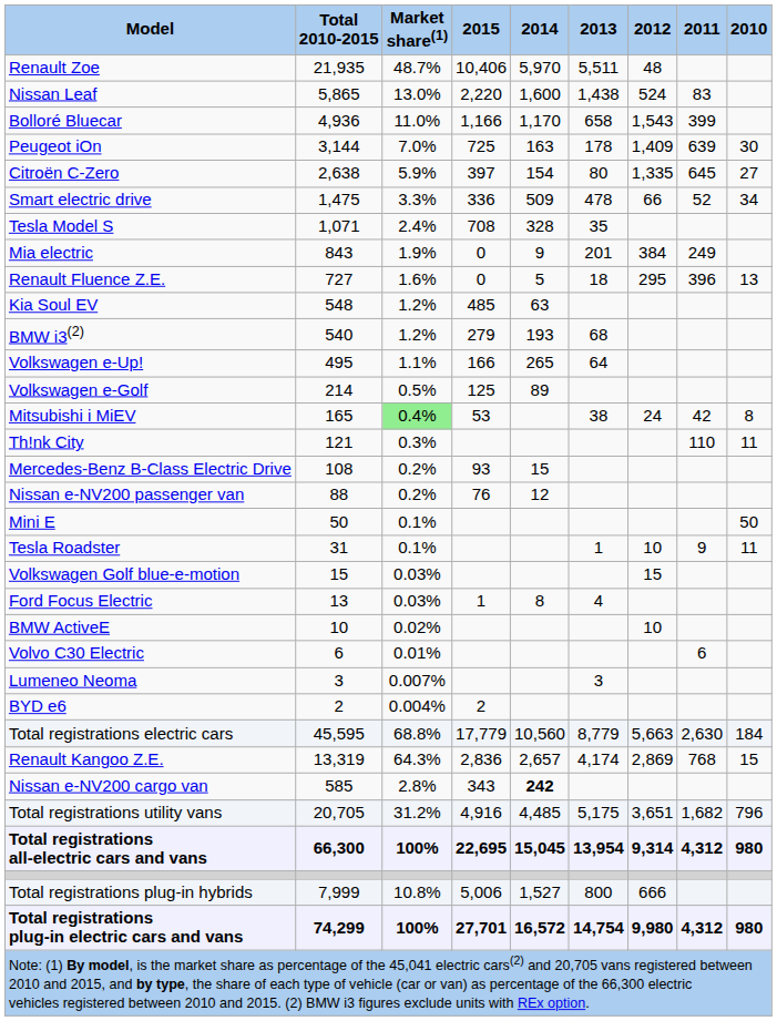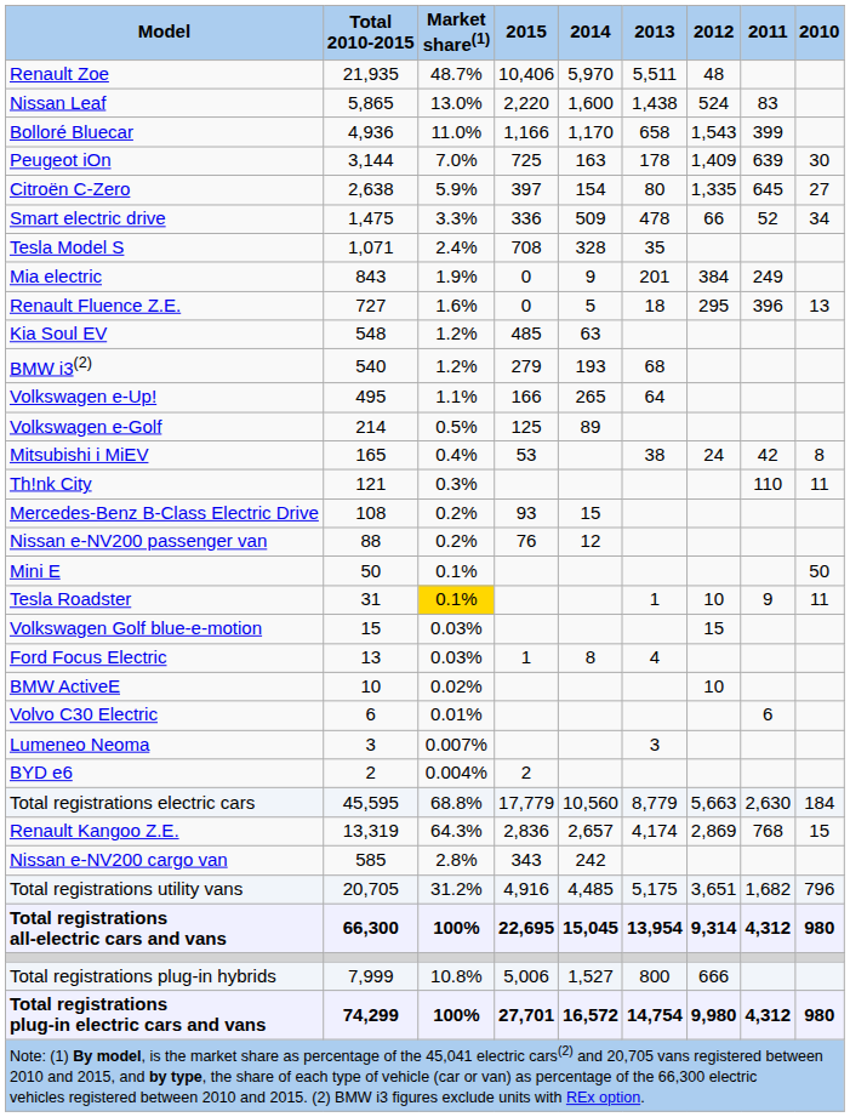 <table class="wikitable">
 <tr>
 <th style="background:#ABCDEF">Model</th>
 <th style="background:#ABCDEF">Total<br> 2010-2015</th>
 <th style="background:#ABCDEF">Market<br>share<sup>(1)</sup></th>
 <th style="background:#ABCDEF">2015</th>
 <th style="background:#ABCDEF">2014</th>
 <th style="background:#ABCDEF">2013</th>
 <th style="background:#ABCDEF">2012</th>
 <th style="background:#ABCDEF">2011</th>
 <th style="background:#ABCDEF">2010</th>
 </tr>
 <tr style="text-align:center;">
 <td align=left><a href='#'>Renault Zoe</a></td>
 <td>21,935</td>
 <td>48.7%</td>
 <td>10,406</td>
 <td>5,970</td>
 <td>5,511</td>
 <td>48</td>
 <td> </td>
 <td> </td>
 </tr>
 <tr style="text-align:center;">
 <td align=left><a href='#'>Nissan Leaf</a></td>
 <td>5,865</td>
 <td>13.0%</td>
 <td>2,220</td>
 <td>1,600</td>
 <td>1,438</td>
 <td>524</td>
 <td>83</td>
 <td> </td>
 </tr>
 <tr style="text-align:center;">
 <td align=left><a href='#'>Bolloré Bluecar</a></td>
 <td>4,936</td>
 <td>11.0%</td>
 <td>1,166</td>
 <td>1,170</td>
 <td>658</td>
 <td>1,543</td>
 <td>399</td>
 <td> </td>
 </tr>
 <tr style="text-align:center;">
 <td align=left><a href='#'>Peugeot iOn</a></td>
 <td>3,144</td>
 <td>7.0%</td>
 <td>725</td>
 <td>163</td>
 <td>178</td>
 <td>1,409</td>
 <td>639</td>
 <td>30</td>
 </tr>
 <tr style="text-align:center;">
 <td align=left><a href='#'>Citroën C-Zero</a></td>
 <td>2,638</td>
 <td>5.9%</td>
 <td>397</td>
 <td>154</td>
 <td>80</td>
 <td>1,335</td>
 <td>645</td>
 <td>27</td>
 </tr>
 <tr style="text-align:center;">
 <td align=left><a href='#'>Smart electric drive</a></td>
 <td>1,475</td>
 <td>3.3%</td>
 <td>336</td>
 <td>509</td>
 <td>478</td>
 <td>66</td>
 <td>52</td>
 <td>34</td>
 </tr>
 <tr style="text-align:center;">
 <td align=left><a href='#'>Tesla Model S</a></td>
 <td>1,071</td>
 <td>2.4%</td>
 <td>708</td>
 <td>328</td>
 <td>35</td>
 <td> </td>
 <td> </td>
 <td> </td>
 </tr>
 <tr style="text-align:center;">
 <td align=left><a href='#'>Mia electric</a></td>
 <td>843</td>
 <td>1.9%</td>
 <td>0</td>
 <td>9</td>
 <td>201</td>
 <td>384</td>
 <td>249</td>
 <td> </td>
 </tr>
 <tr style="text-align:center;">
 <td align=left><a href='#'>Renault Fluence Z.E.</a></td>
 <td>727</td>
 <td>1.6%</td>
 <td>0</td>
 <td>5</td>
 <td>18</td>
 <td>295</td>
 <td>396</td>
 <td>13</td>
 </tr>
 <tr style="text-align:center;">
 <td align=left><a href='#'>Kia Soul EV</a></td>
 <td>548</td>
 <td>1.2%</td>
 <td>485</td>
 <td>63</td>
 <td> </td>
 <td> </td>
 <td> </td>
 <td> </td>
 </tr>
 <tr style="text-align:center;">
 <td align=left><a href='#'>BMW i3</a><sup>(2)</sup></td>
 <td>540</td>
 <td>1.2%</td>
 <td>279</td>
 <td>193</td>
 <td>68</td>
 <td> </td>
 <td> </td>
 <td> </td>
 </tr>
 <tr style="text-align:center;">
 <td align=left><a href='#'>Volkswagen e-Up!</a></td>
 <td>495</td>
 <td>1.1%</td>
 <td>166</td>
 <td>265</td>
 <td>64</td>
 <td> </td>
 <td> </td>
 <td> </td>
 </tr>
 <tr style="text-align:center;">
 <td align=left><a href='#'>Volkswagen e-Golf</a></td>
 <td>214</td>
 <td>0.5%</td>
 <td>125</td>
 <td>89</td>
 <td> </td>
 <td> </td>
 <td> </td>
 <td> </td>
 </tr>
 <tr style="text-align:center;">
 <td align=left><a href='#'>Mitsubishi i MiEV</a></td>
 <td>165</td>
-<td style="background: lightgreen;">0.4%</td>
+<td>0.4%</td>
 <td>53</td>
 <td> </td>
 <td>38</td>
 <td>24</td>
 <td>42</td>
 <td>8</td>
 </tr>
 <tr style="text-align:center;">
 <td align=left><a href='#'>Th!nk City</a></td>
 <td>121</td>
 <td>0.3%</td>
 <td> </td>
 <td> </td>
 <td> </td>
 <td> </td>
 <td>110</td>
 <td>11</td>
 </tr>
 <tr style="text-align:center;">
 <td align=left><a href='#'>Mercedes-Benz B-Class Electric Drive</a></td>
 <td>108</td>
 <td>0.2%</td>
 <td>93</td>
 <td>15</td>
 <td> </td>
 <td> </td>
 <td> </td>
 <td> </td>
 </tr>
 <tr style="text-align:center;">
 <td align=left><a href='#'>Nissan e-NV200 passenger van</a></td>
 <td>88</td>
 <td>0.2%</td>
 <td>76</td>
 <td>12</td>
 <td> </td>
 <td> </td>
 <td> </td>
 <td> </td>
 </tr>
 <tr style="text-align:center;">
 <td align=left><a href='#'>Mini E</a></td>
 <td>50</td>
 <td>0.1%</td>
 <td> </td>
 <td> </td>
 <td> </td>
 <td> </td>
 <td> </td>
 <td>50</td>
 </tr>
 <tr style="text-align:center;">
 <td align=left><a href='#'>Tesla Roadster</a></td>
 <td>31</td>
-<td>0.1%</td>
+<td style="background: gold;">0.1%</td>
 <td> </td>
 <td> </td>
 <td>1</td>
 <td>10</td>
 <td>9</td>
 <td>11</td>
 </tr>
 <tr style="text-align:center;">
 <td align=left><a href='#'>Volkswagen Golf blue-e-motion</a></td>
 <td>15</td>
 <td>0.03%</td>
 <td> </td>
 <td> </td>
 <td> </td>
 <td>15</td>
 <td> </td>
 <td> </td>
 </tr>
 <tr style="text-align:center;">
 <td align=left><a href='#'>Ford Focus Electric</a></td>
 <td>13</td>
 <td>0.03%</td>
 <td>1</td>
 <td>8</td>
 <td>4</td>
 <td> </td>
 <td> </td>
 <td> </td>
 </tr>
 <tr style="text-align:center;">
 <td align=left><a href='#'>BMW ActiveE</a></td>
 <td>10</td>
 <td>0.02%</td>
 <td> </td>
 <td> </td>
 <td> </td>
 <td>10</td>
 <td> </td>
 <td> </td>
 </tr>
 <tr style="text-align:center;">
 <td align=left><a href='#'>Volvo C30 Electric</a></td>
 <td>6</td>
 <td>0.01%</td>
 <td> </td>
 <td> </td>
 <td> </td>
 <td> </td>
 <td>6</td>
 <td> </td>
 </tr>
 <tr style="text-align:center;">
 <td align=left><a href='#'>Lumeneo Neoma</a></td>
 <td>3</td>
 <td>0.007%</td>
 <td> </td>
 <td> </td>
 <td>3</td>
 <td> </td>
 <td> </td>
 <td> </td>
 </tr>
 <tr style="text-align:center;">
 <td align=left><a href='#'>BYD e6</a></td>
 <td>2</td>
 <td>0.004%</td>
 <td>2</td>
 <td> </td>
 <td> </td>
 <td> </td>
 <td> </td>
 <td> </td>
 </tr>
 <tr style="text-align:center;">
 <td style="text-align:left; background:#f1f5fa;">Total registrations electric cars</td>
 <td style="background:#f1f5fa;">45,595</td>
 <td style="background:#f1f5fa;">68.8%</td>
 <td style="background:#f1f5fa;">17,779</td>
 <td style="background:#f1f5fa;">10,560</td>
 <td style="background:#f1f5fa;">8,779</td>
 <td style="background:#f1f5fa;">5,663</td>
 <td style="background:#f1f5fa;">2,630</td>
 <td style="background:#f1f5fa;">184</td>
 </tr>
 <tr style="text-align:center;">
 <td align=left><a href='#'>Renault Kangoo Z.E.</a></td>
 <td>13,319</td>
 <td>64.3%</td>
 <td>2,836</td>
 <td>2,657</td>
 <td>4,174</td>
 <td>2,869</td>
 <td>768</td>
 <td>15</td>
 </tr>
 <tr style="text-align:center;">
 <td align=left><a href='#'>Nissan e-NV200 cargo van</a></td>
 <td>585</td>
 <td>2.8%</td>
 <td>343</td>
-<td><strong>242</strong></td>
+<td>242</td>
 <td> </td>
 <td> </td>
 <td> </td>
 <td> </td>
 </tr>
 <tr style="text-align:center;">
 <td style="text-align:left; background:#f1f5fa;">Total registrations utility vans</td>
 <td style="background:#f1f5fa;">20,705</td>
 <td style="background:#f1f5fa;">31.2%</td>
 <td style="background:#f1f5fa;">4,916</td>
 <td style="background:#f1f5fa;">4,485</td>
 <td style="background:#f1f5fa;">5,175</td>
 <td style="background:#f1f5fa;">3,651</td>
 <td style="background:#f1f5fa;">1,682</td>
 <td style="background:#f1f5fa;">796</td>
 </tr>
 <tr style="text-align:center;">
 <td align=left style="background:#f0f0ff;"><strong>Total registrations<br> all-electric cars and vans</strong></td>
 <td style="background:#f0f0ff;"><strong>66,300</strong></td>
 <td style="background:#f0f0ff;"><strong>100%</strong></td>
 <td style="background:#f0f0ff;"><strong>22,695</strong></td>
 <td style="background:#f0f0ff;"><strong>15,045</strong></td>
 <td style="background:#f0f0ff;"><strong>13,954</strong></td>
 <td style="background:#f0f0ff;"><strong>9,314</strong></td>
 <td style="background:#f0f0ff;"><strong>4,312</strong></td>
 <td style="background:#f0f0ff;"><strong>980</strong></td>
 </tr>
 <tr style="background:lightgrey;">
 <td></td>
 <td></td>
 <td></td>
 <td></td>
 <td></td>
 <td></td>
 <td></td>
 <td></td>
 <td></td>
 </tr>
 <tr style="text-align:center;">
 <td style="text-align:left; background:#f1f5fa;">Total registrations plug-in hybrids</td>
 <td style="background:#f1f5fa;">7,999</td>
 <td style="background:#f1f5fa;">10.8%</td>
 <td style="background:#f1f5fa;">5,006</td>
 <td style="background:#f1f5fa;">1,527</td>
 <td style="background:#f1f5fa;">800</td>
 <td style="background:#f1f5fa;">666</td>
 <td style="background:#f1f5fa;"> </td>
 <td style="background:#f1f5fa;"> </td>
 </tr>
 <tr style="text-align:center;">
 <td style="text-align:left; background:#f0f0ff;"><strong>Total registrations<br> plug-in electric cars and vans</strong></td>
 <td style="background:#f0f0ff;"><strong>74,299</strong></td>
 <td style="background:#f0f0ff;"><strong>100%</strong></td>
 <td style="background:#f0f0ff;"><strong>27,701</strong></td>
 <td style="background:#f0f0ff;"><strong>16,572</strong></td>
 <td style="background:#f0f0ff;"><strong>14,754</strong></td>
 <td style="background:#f0f0ff;"><strong>9,980</strong></td>
 <td style="background:#f0f0ff;"><strong>4,312</strong></td>
 <td style="background:#f0f0ff;"><strong>980</strong></td>
 </tr>
 <tr>
 <td colspan="9" style="text-align:left; background:#ABCDEF"><small>Note: (1) <strong>By model</strong>, is the market share as percentage of the 45,041 electric cars<sup>(2)</sup> and 20,705 vans registered between</small><br><small> 2010 and 2015, and <strong>by type</strong>, the share of each type of vehicle (car or van) as percentage of the 66,300 electric </small><br><small>vehicles registered between 2010 and 2015. (2) BMW i3 figures exclude units with <a href='#'>REx option</a>.</small></td>
 </tr>
 </table>
